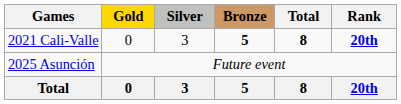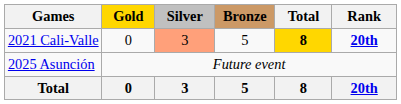 <table class="wikitable" style="text-align:center; font-size:90%;">
 <tr>
 <th>Games</th>
 <td style="background:gold; width:3.2em; font-weight:bold;">Gold</td>
 <td style="background:silver; width:3.7em; font-weight:bold;">Silver</td>
 <td style="background:#c96; width:3.7em; font-weight:bold;">Bronze</td>
 <th style="width:3.5em; font-weight:bold;">Total</th>
 <th style="width:4em; font-weight:bold;">Rank</th>
 </tr>
 <tr>
 <td align=left> <a href='#'>2021 Cali-Valle</a></td>
 <td>0</td>
-<td>3</td>
-<td><strong>5</strong></td>
-<td><strong>8</strong></td>
+<td style="background: lightsalmon;">3</td>
+<td>5</td>
+<td style="background: gold;"><strong>8</strong></td>
 <td><strong><a href='#'>20th</a></strong></td>
 </tr>
 <tr>
 <td align=left> <a href='#'>2025 Asunción</a></td>
 <td colspan="5"><em>Future event</em></td>
 </tr>
 <tr>
 <th>Total</th>
 <th>0</th>
 <th>3</th>
 <th>5</th>
 <th>8</th>
 <th><a href='#'>20th</a></th>
 </tr>
 </table>
